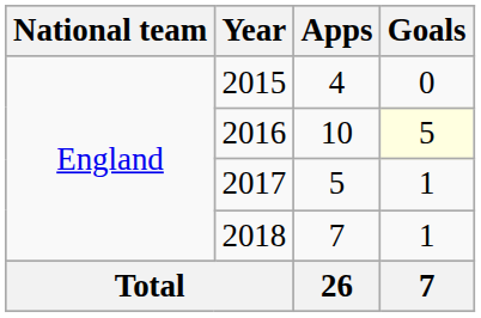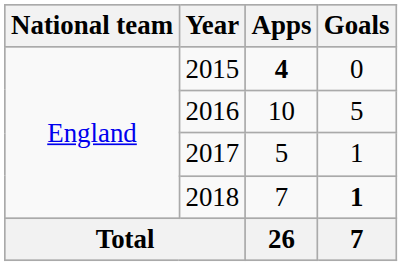 <table class="wikitable" style="text-align: center;">
 <tr>
 <th>National team</th>
 <th>Year</th>
 <th>Apps</th>
 <th>Goals</th>
 </tr>
 <tr>
 <td rowspan="4"><a href='#'>England</a></td>
 <td>2015</td>
-<td>4</td>
+<td><strong>4</strong></td>
 <td>0</td>
 </tr>
 <tr>
 <td>2016</td>
 <td>10</td>
-<td style="background: lightyellow;">5</td>
+<td>5</td>
 </tr>
 <tr>
 <td>2017</td>
 <td>5</td>
 <td>1</td>
 </tr>
 <tr>
 <td>2018</td>
 <td>7</td>
-<td>1</td>
+<td><strong>1</strong></td>
 </tr>
 <tr>
 <th colspan="2">Total</th>
 <th>26</th>
 <th>7</th>
 </tr>
 </table>
